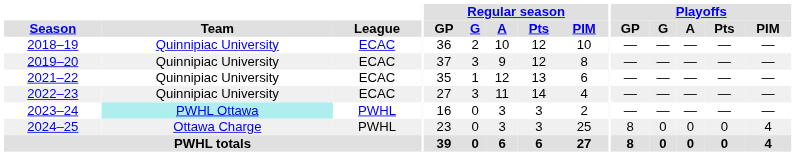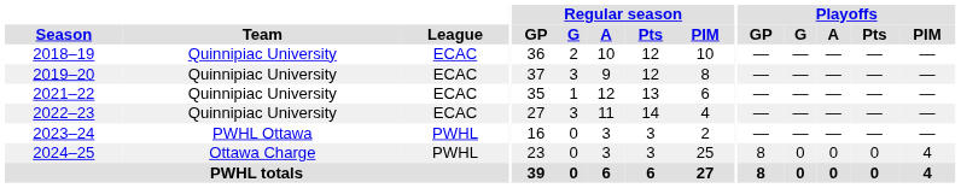 <table border="0" cellpadding="1" cellspacing="0" style="text-align:center; width:60em">
 <tr bgcolor="#e0e0e0">
 <th colspan="3" bgcolor="#ffffff"></th>
 <th rowspan="97" bgcolor="#ffffff"></th>
 <th colspan="5"><a href='#'>Regular season</a></th>
 <th rowspan="97" bgcolor="#ffffff"></th>
 <th colspan="5"><a href='#'>Playoffs</a></th>
 </tr>
 <tr bgcolor="#e0e0e0">
 <th><a href='#'>Season</a></th>
 <th>Team</th>
 <th>League</th>
 <th>GP</th>
 <th><a href='#'>G</a></th>
 <th><a href='#'>A</a></th>
 <th><a href='#'>Pts</a></th>
 <th><a href='#'>PIM</a></th>
 <th>GP</th>
 <th>G</th>
 <th>A</th>
 <th>Pts</th>
 <th>PIM</th>
 </tr>
 <tr>
 <td><a href='#'>2018–19</a></td>
 <td><a href='#'>Quinnipiac University</a></td>
 <td><a href='#'>ECAC</a></td>
 <td>36</td>
 <td>2</td>
 <td>10</td>
 <td>12</td>
 <td>10</td>
 <td>—</td>
 <td>—</td>
 <td>—</td>
 <td>—</td>
 <td>—</td>
 </tr>
 <tr bgcolor="#f0f0f0">
 <td><a href='#'>2019–20</a></td>
 <td>Quinnipiac University</td>
 <td>ECAC</td>
 <td>37</td>
 <td>3</td>
 <td>9</td>
 <td>12</td>
 <td>8</td>
 <td>—</td>
 <td>—</td>
 <td>—</td>
 <td>—</td>
 <td>—</td>
 </tr>
 <tr>
 <td><a href='#'>2021–22</a></td>
 <td>Quinnipiac University</td>
 <td>ECAC</td>
 <td>35</td>
 <td>1</td>
 <td>12</td>
 <td>13</td>
 <td>6</td>
 <td>—</td>
 <td>—</td>
 <td>—</td>
 <td>—</td>
 <td>—</td>
 </tr>
 <tr bgcolor="#f0f0f0">
 <td><a href='#'>2022–23</a></td>
 <td>Quinnipiac University</td>
 <td>ECAC</td>
 <td>27</td>
 <td>3</td>
 <td>11</td>
 <td>14</td>
 <td>4</td>
 <td>—</td>
 <td>—</td>
 <td>—</td>
 <td>—</td>
 <td>—</td>
 </tr>
 <tr>
 <td><a href='#'>2023–24</a></td>
-<td style="background: paleturquoise;"><a href='#'>PWHL Ottawa</a></td>
+<td><a href='#'>PWHL Ottawa</a></td>
 <td><a href='#'>PWHL</a></td>
 <td>16</td>
 <td>0</td>
 <td>3</td>
 <td>3</td>
 <td>2</td>
 <td>—</td>
 <td>—</td>
 <td>—</td>
 <td>—</td>
 <td>—</td>
 </tr>
 <tr bgcolor="#f0f0f0">
 <td><a href='#'>2024–25</a></td>
 <td><a href='#'>Ottawa Charge</a></td>
 <td>PWHL</td>
 <td>23</td>
 <td>0</td>
 <td>3</td>
 <td>3</td>
 <td>25</td>
 <td>8</td>
 <td>0</td>
 <td>0</td>
 <td>0</td>
 <td>4</td>
 </tr>
 <tr bgcolor="#e0e0e0">
 <th colspan="3">PWHL totals</th>
 <th>39</th>
 <th>0</th>
 <th>6</th>
 <th>6</th>
 <th>27</th>
 <th>8</th>
 <th>0</th>
 <th>0</th>
 <th>0</th>
 <th>4</th>
 </tr>
 </table>
